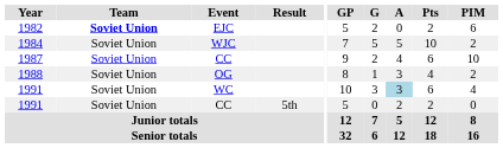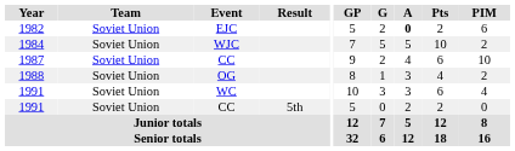 <table border="0" cellpadding="1" cellspacing="0" ID="Table3" style="text-align:center; width:40em">
 <tr ALIGN="center" bgcolor="#e0e0e0">
 <th>Year</th>
 <th>Team</th>
 <th>Event</th>
 <th>Result</th>
 <th rowspan="99" bgcolor="#ffffff"></th>
 <th>GP</th>
 <th>G</th>
 <th>A</th>
 <th>Pts</th>
 <th>PIM</th>
 </tr>
 <tr>
 <td><a href='#'>1982</a></td>
-<td><strong><a href='#'>Soviet Union</a></strong></td>
+<td><a href='#'>Soviet Union</a></td>
 <td><a href='#'>EJC</a></td>
 <td></td>
 <td>5</td>
 <td>2</td>
-<td>0</td>
+<td><strong>0</strong></td>
 <td>2</td>
 <td>6</td>
 </tr>
 <tr bgcolor="#f0f0f0">
 <td><a href='#'>1984</a></td>
 <td>Soviet Union</td>
 <td><a href='#'>WJC</a></td>
 <td></td>
 <td>7</td>
 <td>5</td>
 <td>5</td>
 <td>10</td>
 <td>2</td>
 </tr>
 <tr>
 <td><a href='#'>1987</a></td>
 <td><a href='#'>Soviet Union</a></td>
 <td><a href='#'>CC</a></td>
 <td></td>
 <td>9</td>
 <td>2</td>
 <td>4</td>
 <td>6</td>
 <td>10</td>
 </tr>
 <tr bgcolor="#f0f0f0">
 <td><a href='#'>1988</a></td>
 <td>Soviet Union</td>
 <td><a href='#'>OG</a></td>
 <td></td>
 <td>8</td>
 <td>1</td>
 <td>3</td>
 <td>4</td>
 <td>2</td>
 </tr>
 <tr>
 <td><a href='#'>1991</a></td>
 <td>Soviet Union</td>
 <td><a href='#'>WC</a></td>
 <td></td>
 <td>10</td>
 <td>3</td>
-<td style="background: lightblue;">3</td>
+<td>3</td>
 <td>6</td>
 <td>4</td>
 </tr>
 <tr bgcolor="#f0f0f0">
 <td><a href='#'>1991</a></td>
 <td>Soviet Union</td>
 <td>CC</td>
 <td>5th</td>
 <td>5</td>
 <td>0</td>
 <td>2</td>
 <td>2</td>
 <td>0</td>
 </tr>
 <tr bgcolor="#e0e0e0">
 <th colspan=4>Junior totals</th>
 <th>12</th>
 <th>7</th>
 <th>5</th>
 <th>12</th>
 <th>8</th>
 </tr>
 <tr bgcolor="#e0e0e0">
 <th colspan=4>Senior totals</th>
 <th>32</th>
 <th>6</th>
 <th>12</th>
 <th>18</th>
 <th>16</th>
 </tr>
 </table>
